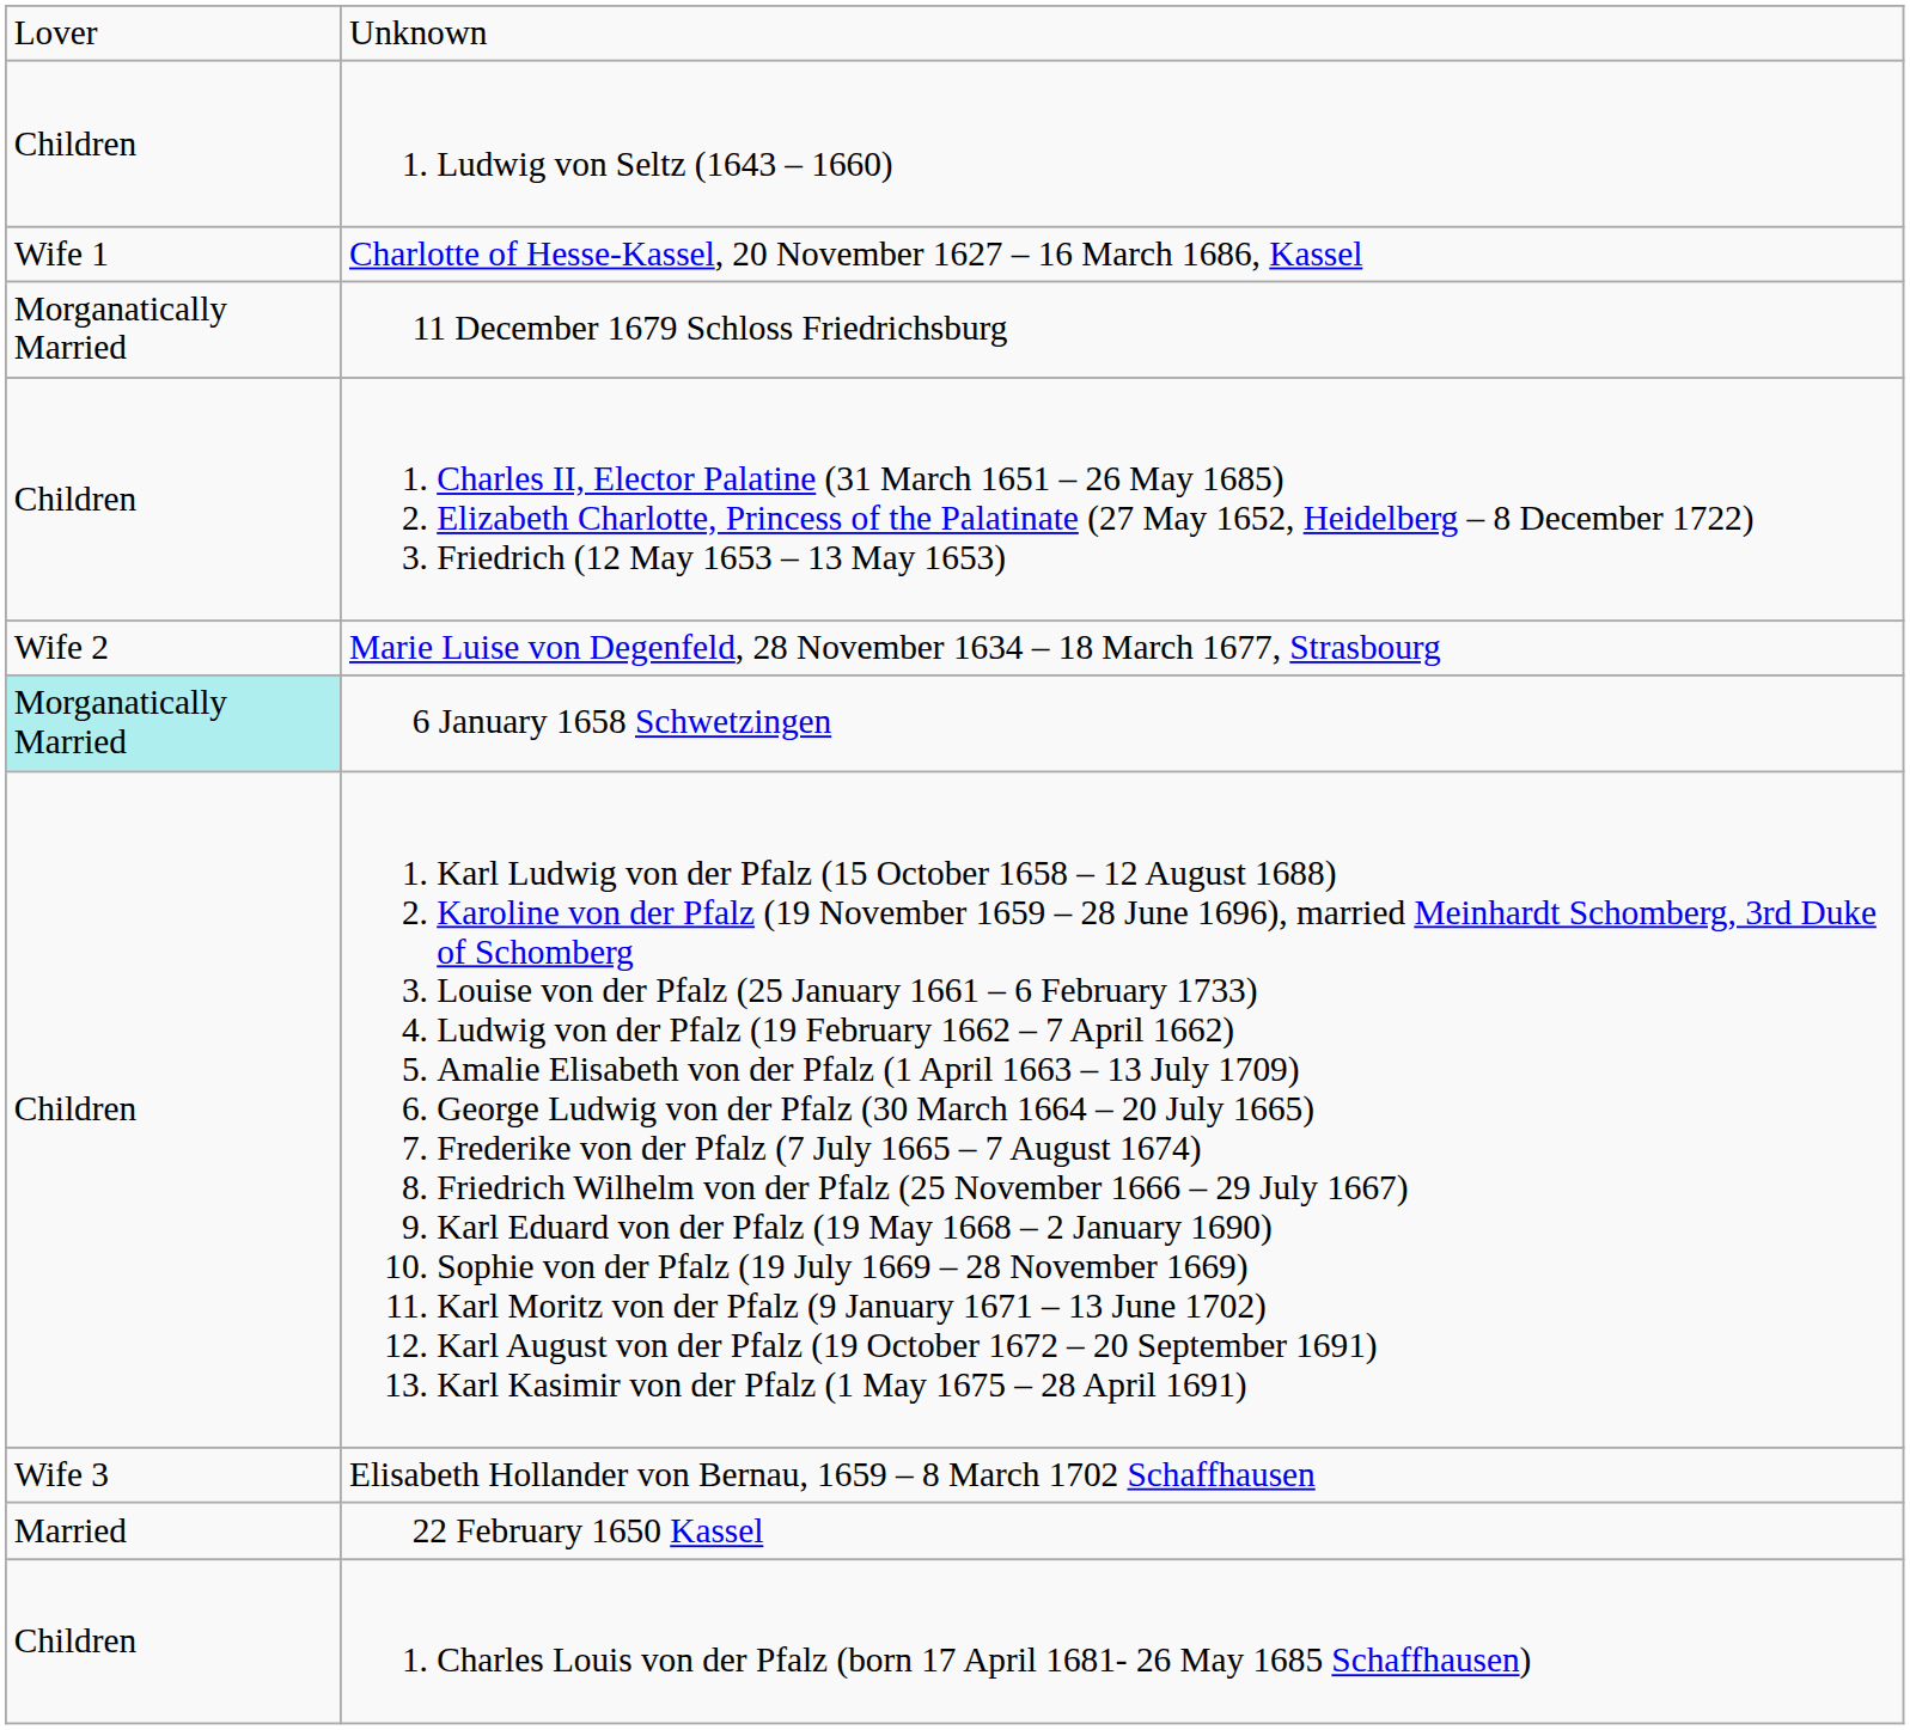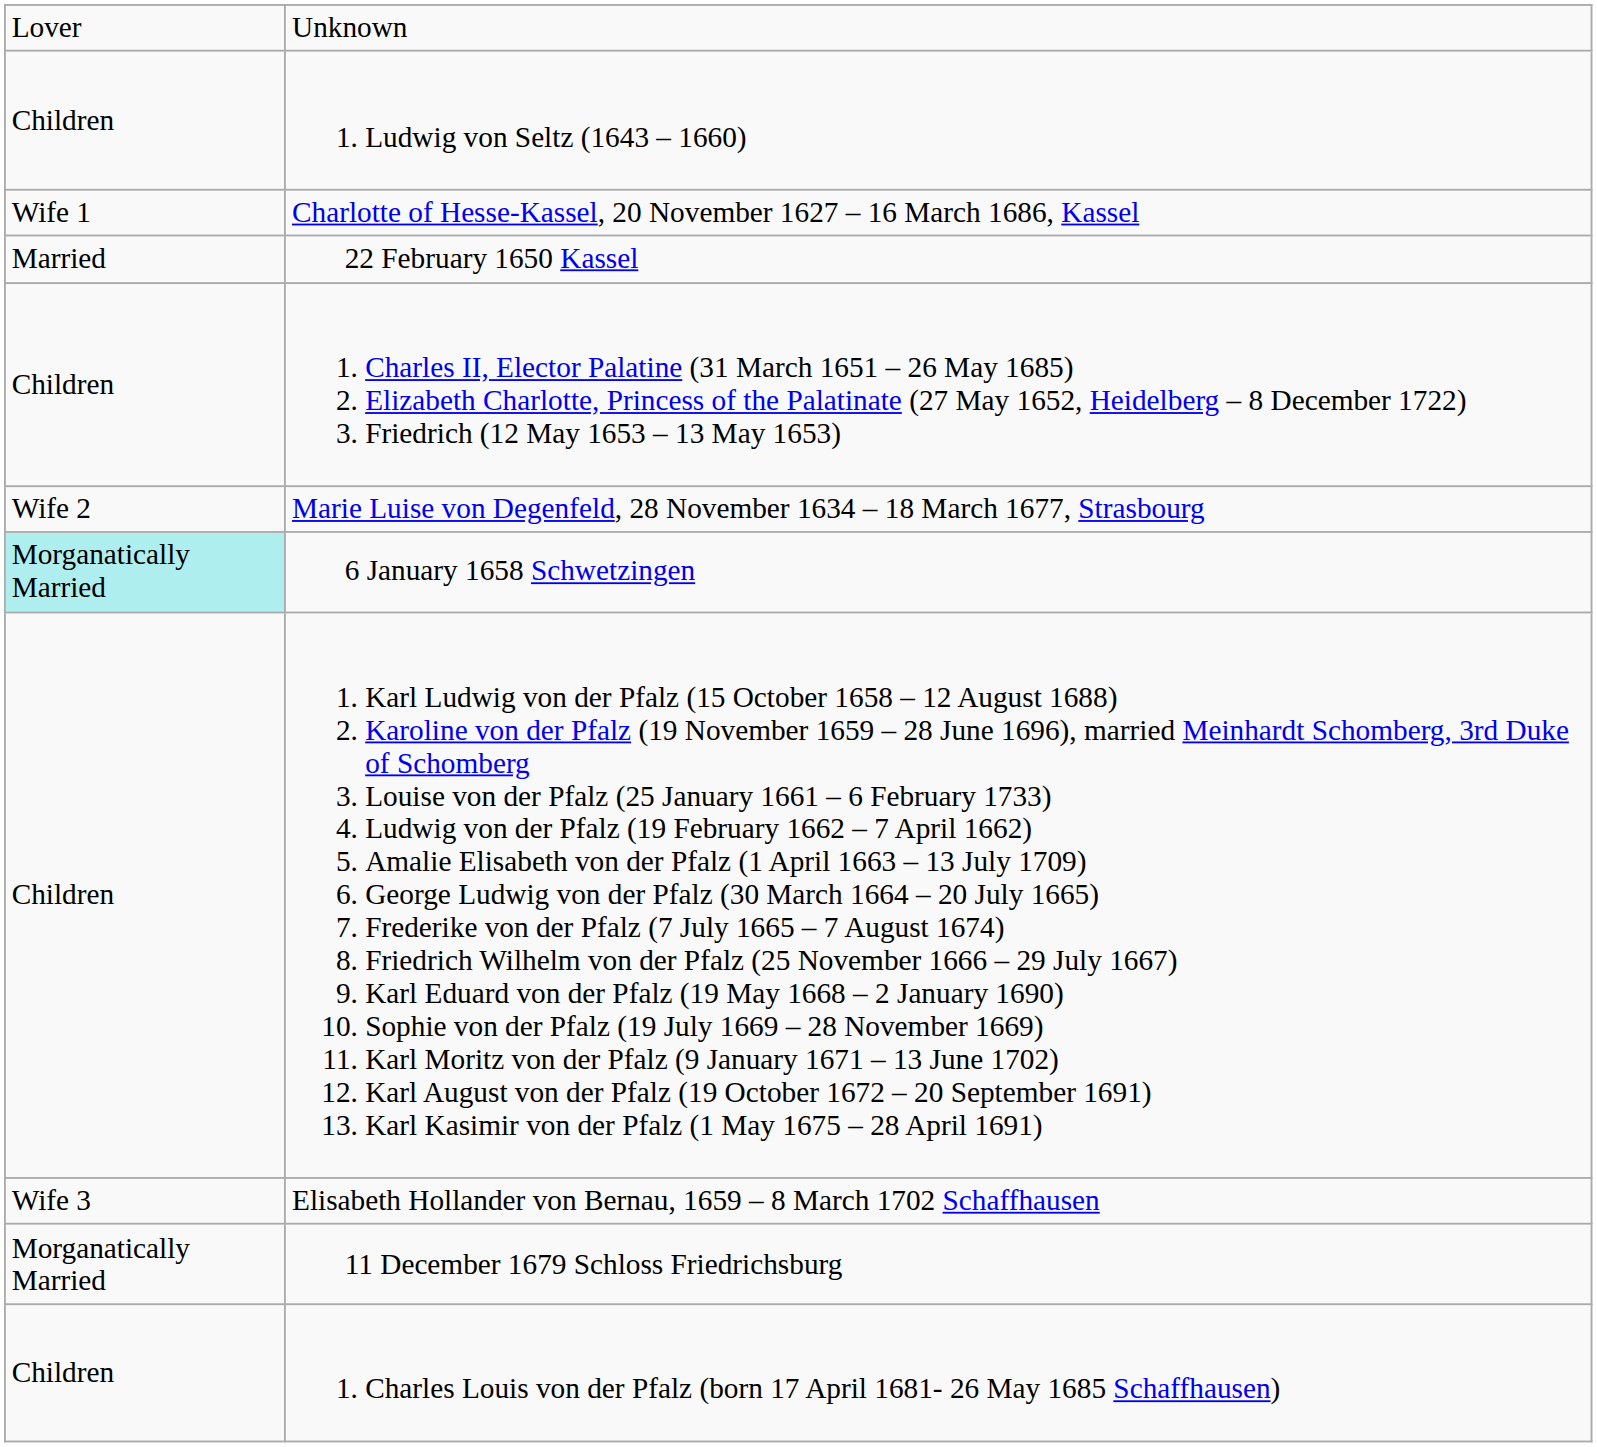 <table class="wikitable">
 <tr>
 <td>Lover</td>
 <td>Unknown</td>
 </tr>
 <tr>
 <td>Children</td>
 <td><br><ol><li>Ludwig von Seltz (1643 – 1660)</li></ol></td>
 </tr>
 <tr>
 <td>Wife 1</td>
 <td><a href='#'>Charlotte of Hesse-Kassel</a>, 20 November 1627 – 16 March 1686, <a href='#'>Kassel</a></td>
 </tr>
 <tr>
-<td>Morganatically Married</td>
-<td style="padding-left:2em">11 December 1679 Schloss Friedrichsburg</td>
+<td>Married</td>
+<td style="padding-left:2em">22 February 1650 <a href='#'>Kassel</a></td>
 </tr>
 <tr>
 <td>Children</td>
 <td><br><ol><li><a href='#'>Charles II, Elector Palatine</a> (31 March 1651 – 26 May 1685)</li><li><a href='#'>Elizabeth Charlotte, Princess of the Palatinate</a> (27 May 1652, <a href='#'>Heidelberg</a> – 8 December 1722)</li><li>Friedrich (12 May 1653 – 13 May 1653)</li></ol></td>
 </tr>
 <tr>
 <td>Wife 2</td>
 <td><a href='#'>Marie Luise von Degenfeld</a>, 28 November 1634 – 18 March 1677, <a href='#'>Strasbourg</a></td>
 </tr>
 <tr>
 <td style="background: paleturquoise;">Morganatically Married</td>
 <td style="padding-left:2em">6 January 1658 <a href='#'>Schwetzingen</a></td>
 </tr>
 <tr>
 <td>Children</td>
 <td><br><ol><li>Karl Ludwig von der Pfalz (15 October 1658 – 12 August 1688)</li><li><a href='#'>Karoline von der Pfalz</a> (19 November 1659 – 28 June 1696), married <a href='#'>Meinhardt Schomberg, 3rd Duke of Schomberg</a></li><li>Louise von der Pfalz (25 January 1661 – 6 February 1733)</li><li>Ludwig von der Pfalz (19 February 1662 – 7 April 1662)</li><li>Amalie Elisabeth von der Pfalz (1 April 1663 – 13 July 1709)</li><li>George Ludwig von der Pfalz (30 March 1664 – 20 July 1665)</li><li>Frederike von der Pfalz (7 July 1665 – 7 August 1674)</li><li>Friedrich Wilhelm von der Pfalz (25 November 1666 – 29 July 1667)</li><li>Karl Eduard von der Pfalz (19 May 1668 – 2 January 1690)</li><li>Sophie von der Pfalz (19 July 1669 – 28 November 1669)</li><li>Karl Moritz von der Pfalz (9 January 1671 – 13 June 1702)</li><li>Karl August von der Pfalz (19 October 1672 – 20 September 1691)</li><li>Karl Kasimir von der Pfalz (1 May 1675 – 28 April 1691)</li></ol></td>
 </tr>
 <tr>
 <td>Wife 3</td>
 <td>Elisabeth Hollander von Bernau, 1659 – 8 March 1702 <a href='#'>Schaffhausen</a></td>
 </tr>
 <tr>
-<td>Married</td>
-<td style="padding-left:2em">22 February 1650 <a href='#'>Kassel</a></td>
+<td>Morganatically Married</td>
+<td style="padding-left:2em">11 December 1679 Schloss Friedrichsburg</td>
 </tr>
 <tr>
 <td>Children</td>
 <td><br><ol><li>Charles Louis von der Pfalz (born 17 April 1681- 26 May 1685 <a href='#'>Schaffhausen</a>)</li></ol></td>
 </tr>
 </table>
